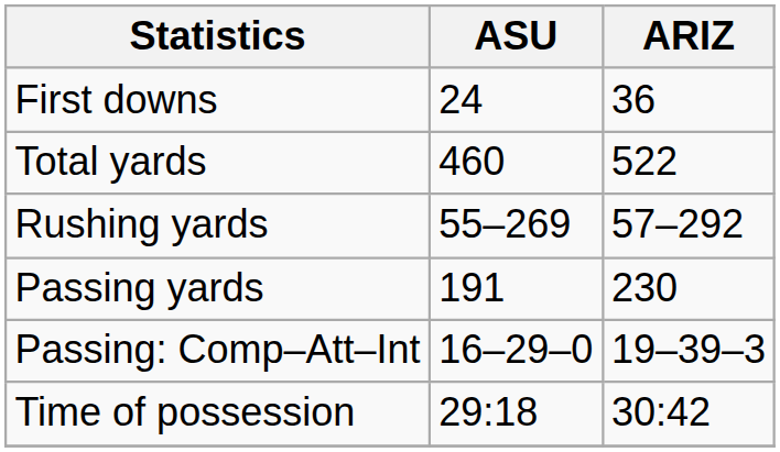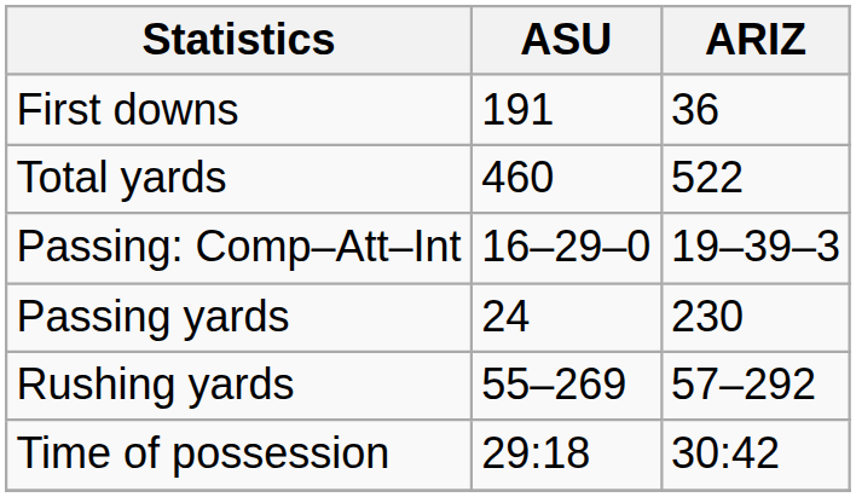 <table class="wikitable" style="float: left;">
 <tr>
 <th>Statistics</th>
 <th>ASU</th>
 <th>ARIZ</th>
 </tr>
 <tr>
 <td>First downs</td>
-<td>24</td>
+<td>191</td>
 <td>36</td>
 </tr>
 <tr>
 <td>Total yards</td>
 <td>460</td>
 <td>522</td>
 </tr>
 <tr>
+<td>Passing: Comp–Att–Int</td>
+<td>16–29–0</td>
+<td>19–39–3</td>
+</tr>
+<tr>
+<td>Passing yards</td>
+<td>24</td>
+<td>230</td>
+</tr>
+<tr>
 <td>Rushing yards</td>
 <td>55–269</td>
 <td>57–292</td>
-</tr>
-<tr>
-<td>Passing yards</td>
-<td>191</td>
-<td>230</td>
-</tr>
-<tr>
-<td>Passing: Comp–Att–Int</td>
-<td>16–29–0</td>
-<td>19–39–3</td>
 </tr>
 <tr>
 <td>Time of possession</td>
 <td>29:18</td>
 <td>30:42</td>
 </tr>
 <tr>
 </tr>
 </table>
